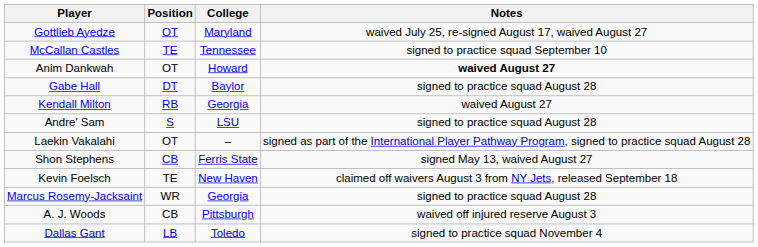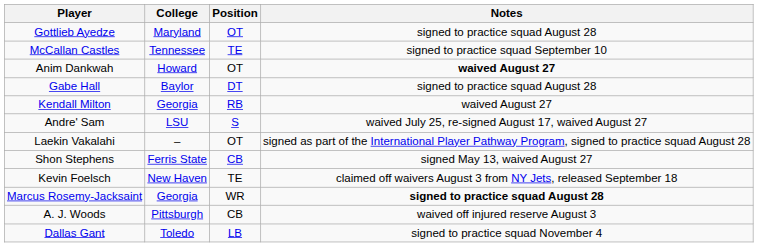 <table class="wikitable" style="text-align:center">
 <tr>
 <th>Player</th>
+<th>College</th>
 <th>Position</th>
-<th>College</th>
 <th>Notes</th>
 </tr>
 <tr>
 <td><a href='#'>Gottlieb Ayedze</a></td>
+<td><a href='#'>Maryland</a></td>
 <td><a href='#'>OT</a></td>
-<td><a href='#'>Maryland</a></td>
-<td>waived July 25, re-signed August 17, waived August 27</td>
+<td>signed to practice squad August 28</td>
 </tr>
 <tr>
 <td><a href='#'>McCallan Castles</a></td>
+<td><a href='#'>Tennessee</a></td>
 <td><a href='#'>TE</a></td>
-<td><a href='#'>Tennessee</a></td>
 <td>signed to practice squad September 10</td>
 </tr>
 <tr>
 <td>Anim Dankwah</td>
+<td><a href='#'>Howard</a></td>
 <td>OT</td>
-<td><a href='#'>Howard</a></td>
 <td><strong>waived August 27</strong></td>
 </tr>
 <tr>
 <td><a href='#'>Gabe Hall</a></td>
+<td><a href='#'>Baylor</a></td>
 <td><a href='#'>DT</a></td>
-<td><a href='#'>Baylor</a></td>
 <td>signed to practice squad August 28</td>
 </tr>
 <tr>
 <td><a href='#'>Kendall Milton</a></td>
+<td><a href='#'>Georgia</a></td>
 <td><a href='#'>RB</a></td>
-<td><a href='#'>Georgia</a></td>
 <td>waived August 27</td>
 </tr>
 <tr>
 <td>Andre' Sam</td>
+<td><a href='#'>LSU</a></td>
 <td><a href='#'>S</a></td>
-<td><a href='#'>LSU</a></td>
-<td>signed to practice squad August 28</td>
+<td>waived July 25, re-signed August 17, waived August 27</td>
 </tr>
 <tr>
 <td>Laekin Vakalahi</td>
+<td>–</td>
 <td>OT</td>
-<td>–</td>
 <td>signed as part of the <a href='#'>International Player Pathway Program</a>, signed to practice squad August 28</td>
 </tr>
 <tr>
 <td>Shon Stephens</td>
+<td><a href='#'>Ferris State</a></td>
 <td><a href='#'>CB</a></td>
-<td><a href='#'>Ferris State</a></td>
 <td>signed May 13, waived August 27</td>
 </tr>
 <tr>
 <td>Kevin Foelsch</td>
+<td><a href='#'>New Haven</a></td>
 <td>TE</td>
-<td><a href='#'>New Haven</a></td>
 <td>claimed off waivers August 3 from <a href='#'>NY Jets</a>, released September 18</td>
 </tr>
 <tr>
 <td><a href='#'>Marcus Rosemy-Jacksaint</a></td>
+<td><a href='#'>Georgia</a></td>
 <td>WR</td>
-<td><a href='#'>Georgia</a></td>
-<td>signed to practice squad August 28</td>
+<td><strong>signed to practice squad August 28</strong></td>
 </tr>
 <tr>
 <td>A. J. Woods</td>
+<td><a href='#'>Pittsburgh</a></td>
 <td>CB</td>
-<td><a href='#'>Pittsburgh</a></td>
 <td>waived off injured reserve August 3</td>
 </tr>
 <tr>
 <td><a href='#'>Dallas Gant</a></td>
+<td><a href='#'>Toledo</a></td>
 <td><a href='#'>LB</a></td>
-<td><a href='#'>Toledo</a></td>
 <td>signed to practice squad November 4</td>
 </tr>
 </table>
